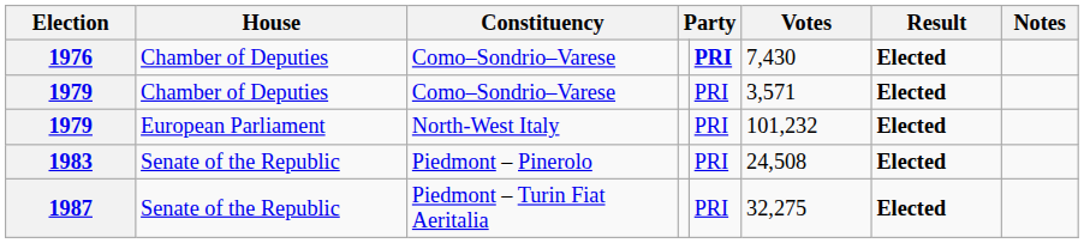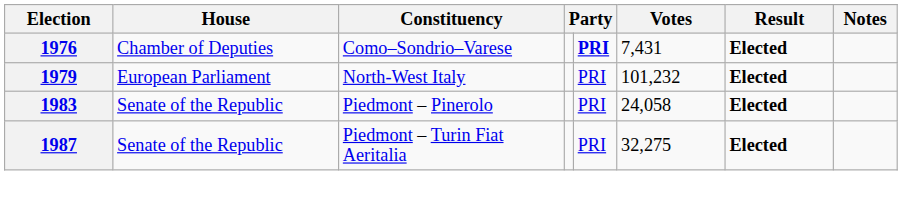 <table class=wikitable style="width:62%; border:1px #AAAAFF solid">
 <tr>
 <th width=12%>Election</th>
 <th width=25%>House</th>
 <th width=25%>Constituency</th>
 <th width=5% colspan="2">Party</th>
 <th width=12%>Votes</th>
 <th width=12%>Result</th>
 <th width=7%>Notes</th>
 </tr>
 <tr>
 <th><a href='#'>1976</a></th>
 <td><a href='#'>Chamber of Deputies</a></td>
 <td><a href='#'>Como–Sondrio–Varese</a></td>
 <td></td>
 <td><strong><a href='#'>PRI</a></strong></td>
-<td>7,430</td>
-<td> <strong>Elected</strong></td>
-<td></td>
-</tr>
-<tr>
-<th><a href='#'>1979</a></th>
-<td><a href='#'>Chamber of Deputies</a></td>
-<td><a href='#'>Como–Sondrio–Varese</a></td>
-<td></td>
-<td><a href='#'>PRI</a></td>
-<td>3,571</td>
+<td>7,431</td>
 <td> <strong>Elected</strong></td>
 <td></td>
 </tr>
 <tr>
 <th><a href='#'>1979</a></th>
 <td><a href='#'>European Parliament</a></td>
 <td><a href='#'>North-West Italy</a></td>
 <td></td>
 <td><a href='#'>PRI</a></td>
 <td>101,232</td>
 <td> <strong>Elected</strong></td>
 <td></td>
 </tr>
 <tr>
 <th><a href='#'>1983</a></th>
 <td><a href='#'>Senate of the Republic</a></td>
 <td><a href='#'>Piedmont</a> – <a href='#'>Pinerolo</a></td>
 <td></td>
 <td><a href='#'>PRI</a></td>
-<td>24,508</td>
+<td>24,058</td>
 <td> <strong>Elected</strong></td>
 <td></td>
 </tr>
 <tr>
 <th><a href='#'>1987</a></th>
 <td><a href='#'>Senate of the Republic</a></td>
 <td><a href='#'>Piedmont</a> – <a href='#'>Turin Fiat Aeritalia</a></td>
 <td></td>
 <td><a href='#'>PRI</a></td>
 <td>32,275</td>
 <td> <strong>Elected</strong></td>
 <td></td>
 </tr>
 </table>
